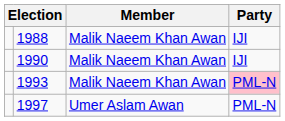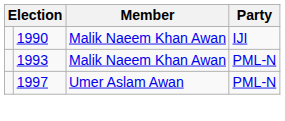 <table class="wikitable">
 <tr>
 <th colspan="2">Election</th>
 <th>Member</th>
 <th>Party</th>
-</tr>
-<tr>
-<td style="background-color: "></td>
-<td><a href='#'>1988</a></td>
-<td><a href='#'>Malik Naeem Khan Awan</a></td>
-<td><a href='#'>IJI</a></td>
 </tr>
 <tr>
 <td style="background-color: "></td>
 <td><a href='#'>1990</a></td>
 <td><a href='#'>Malik Naeem Khan Awan</a></td>
 <td><a href='#'>IJI</a></td>
 </tr>
 <tr>
 <td style="background-color: "></td>
 <td><a href='#'>1993</a></td>
 <td><a href='#'>Malik Naeem Khan Awan</a></td>
-<td style="background: pink;"><a href='#'>PML-N</a></td>
+<td><a href='#'>PML-N</a></td>
 </tr>
 <tr>
 <td style="background-color: "></td>
 <td><a href='#'>1997</a></td>
 <td><a href='#'>Umer Aslam Awan</a></td>
 <td><a href='#'>PML-N</a></td>
 </tr>
 </table>
